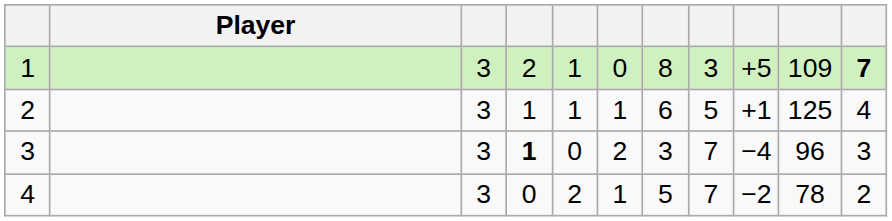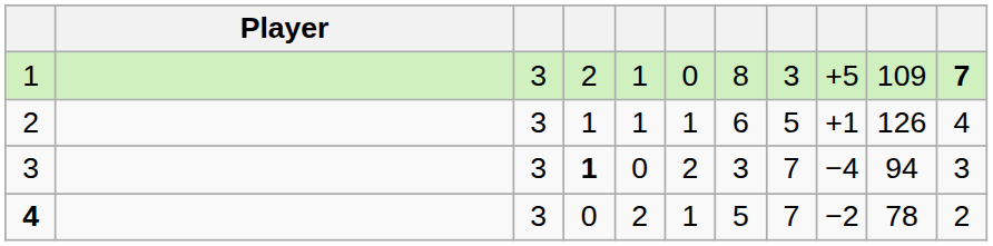 <table class="wikitable" style="text-align:center; margin: 1em auto 1em auto, align:left">
 <tr>
 <th width=20></th>
 <th width=240>Player</th>
 <th width=20></th>
 <th width=20></th>
 <th width=20></th>
 <th width=20></th>
 <th width=20></th>
 <th width=20></th>
 <th width=20></th>
 <th width=30></th>
 <th width=20></th>
 </tr>
 <tr style="background:#D0F0C0;">
 <td>1</td>
 <td align=left></td>
 <td>3</td>
 <td>2</td>
 <td>1</td>
 <td>0</td>
 <td>8</td>
 <td>3</td>
 <td>+5</td>
 <td>109</td>
 <td><strong>7</strong></td>
 </tr>
 <tr style=>
 <td>2</td>
 <td align=left></td>
 <td>3</td>
 <td>1</td>
 <td>1</td>
 <td>1</td>
 <td>6</td>
 <td>5</td>
 <td>+1</td>
-<td>125</td>
+<td>126</td>
 <td>4</td>
 </tr>
 <tr style=>
 <td>3</td>
 <td align=left></td>
 <td>3</td>
 <td><strong>1</strong></td>
 <td>0</td>
 <td>2</td>
 <td>3</td>
 <td>7</td>
 <td>−4</td>
-<td>96</td>
+<td>94</td>
 <td>3</td>
 </tr>
 <tr style=>
-<td>4</td>
+<td><strong>4</strong></td>
 <td align=left></td>
 <td>3</td>
 <td>0</td>
 <td>2</td>
 <td>1</td>
 <td>5</td>
 <td>7</td>
 <td>−2</td>
 <td>78</td>
 <td>2</td>
 </tr>
 </table>
